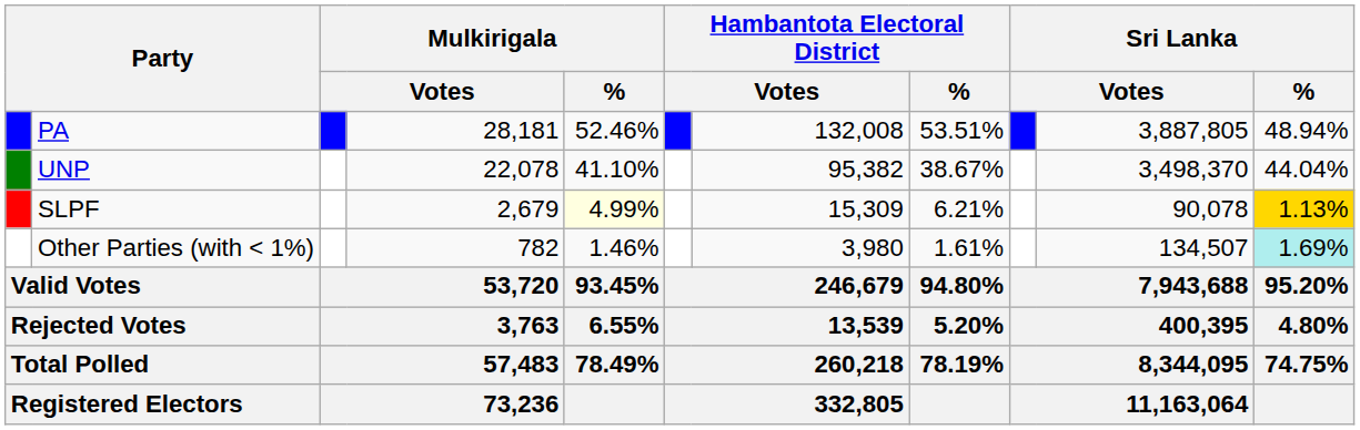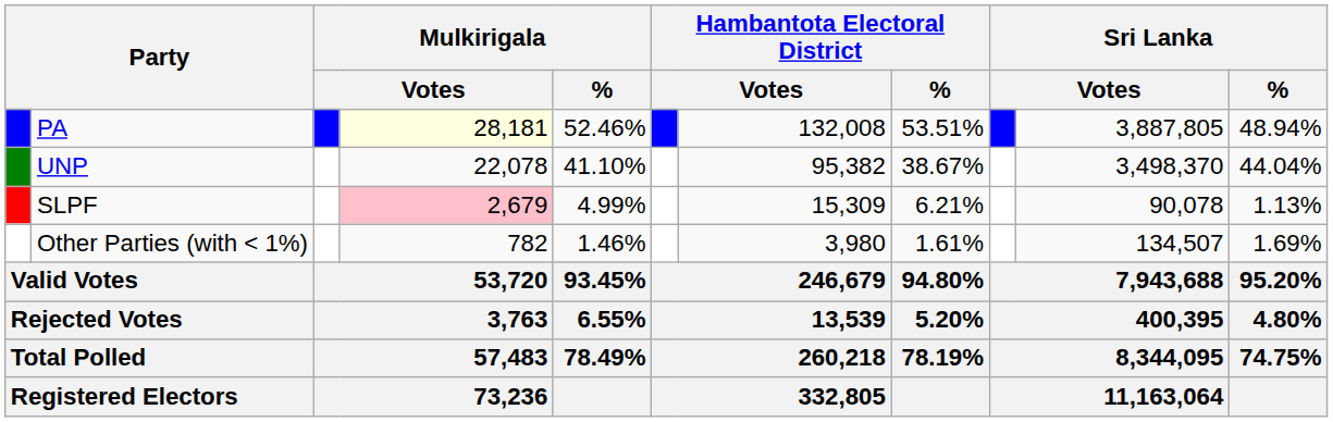 <table class="wikitable">
 <tr>
 <th colspan="2" width="144px"rowspan="2">Party</th>
 <th colspan="3" width="216px">Mulkirigala</th>
 <th colspan="3" width="216px"><a href='#'>Hambantota Electoral District</a></th>
 <th colspan="3" width="216px">Sri Lanka</th>
 </tr>
 <tr>
 <th colspan="2" width="144px">Votes</th>
 <th>%</th>
 <th colspan="2" width="144px">Votes</th>
 <th>%</th>
 <th colspan="2" width="144px">Votes</th>
 <th>%</th>
 </tr>
 <tr>
 <td style="background-color:blue;" width="10px"></td>
 <td style="text-align:left;"><a href='#'>PA</a></td>
 <td style="background-color:blue;" width="10px"></td>
-<td style="text-align:right;">28,181</td>
+<td style="background: lightyellow; text-align:right;">28,181</td>
 <td style="text-align:right;">52.46%</td>
 <td style="background-color:blue;" width="10px"></td>
 <td style="text-align:right;">132,008</td>
 <td style="text-align:right;">53.51%</td>
 <td style="background-color:blue;" width="10px"></td>
 <td style="text-align:right;">3,887,805</td>
 <td style="text-align:right;">48.94%</td>
 </tr>
 <tr>
 <td style="background-color:green;" width="10px"></td>
 <td style="text-align:left;"><a href='#'>UNP</a></td>
 <td style="background-color:white;" width="10px"></td>
 <td style="text-align:right;">22,078</td>
 <td style="text-align:right;">41.10%</td>
 <td style="background-color:white;" width="10px"></td>
 <td style="text-align:right;">95,382</td>
 <td style="text-align:right;">38.67%</td>
 <td style="background-color:white;" width="10px"></td>
 <td style="text-align:right;">3,498,370</td>
 <td style="text-align:right;">44.04%</td>
 </tr>
 <tr>
 <td style="background-color:red;" width="10px"></td>
 <td style="text-align:left;">SLPF</td>
 <td style="background-color:white;" width="10px"></td>
-<td style="text-align:right;">2,679</td>
-<td style="background: lightyellow; text-align:right;">4.99%</td>
+<td style="background: pink; text-align:right;">2,679</td>
+<td style="text-align:right;">4.99%</td>
 <td style="background-color:white;" width="10px"></td>
 <td style="text-align:right;">15,309</td>
 <td style="text-align:right;">6.21%</td>
 <td style="background-color:white;" width="10px"></td>
 <td style="text-align:right;">90,078</td>
-<td style="background: gold; text-align:right;">1.13%</td>
+<td style="text-align:right;">1.13%</td>
 </tr>
 <tr>
 <td style="background-color:white;" width="10px"></td>
 <td style="text-align:left;">Other Parties (with < 1%)</td>
 <td style="background-color:white;" width="10px"></td>
 <td style="text-align:right;">782</td>
 <td style="text-align:right;">1.46%</td>
 <td style="background-color:white;" width="10px"></td>
 <td style="text-align:right;">3,980</td>
 <td style="text-align:right;">1.61%</td>
 <td style="background-color:white;" width="10px"></td>
 <td style="text-align:right;">134,507</td>
-<td style="background: paleturquoise; text-align:right;">1.69%</td>
+<td style="text-align:right;">1.69%</td>
 </tr>
 <tr>
 <th colspan="2" width="144px"style="text-align:left;">Valid Votes</th>
 <th style="text-align:right;"colspan="2" width="144px">53,720</th>
 <th style="text-align:right;">93.45%</th>
 <th style="text-align:right;"colspan="2" width="144px">246,679</th>
 <th style="text-align:right;">94.80%</th>
 <th style="text-align:right;"colspan="2" width="144px">7,943,688</th>
 <th style="text-align:right;">95.20%</th>
 </tr>
 <tr>
 <th colspan="2" width="144px"style="text-align:left;">Rejected Votes</th>
 <th style="text-align:right;"colspan="2" width="144px">3,763</th>
 <th style="text-align:right;">6.55%</th>
 <th style="text-align:right;"colspan="2" width="144px">13,539</th>
 <th style="text-align:right;">5.20%</th>
 <th style="text-align:right;"colspan="2" width="144px">400,395</th>
 <th style="text-align:right;">4.80%</th>
 </tr>
 <tr>
 <th colspan="2" width="144px"style="text-align:left;">Total Polled</th>
 <th style="text-align:right;"colspan="2" width="144px">57,483</th>
 <th style="text-align:right;">78.49%</th>
 <th style="text-align:right;"colspan="2" width="144px">260,218</th>
 <th style="text-align:right;">78.19%</th>
 <th style="text-align:right;"colspan="2" width="144px">8,344,095</th>
 <th style="text-align:right;">74.75%</th>
 </tr>
 <tr>
 <th colspan="2" width="144px"style="text-align:left;">Registered Electors</th>
 <th style="text-align:right;"colspan="2" width="144px">73,236</th>
 <th></th>
 <th style="text-align:right;"colspan="2" width="144px">332,805</th>
 <th></th>
 <th style="text-align:right;"colspan="2" width="144px">11,163,064</th>
 <th></th>
 </tr>
 </table>
